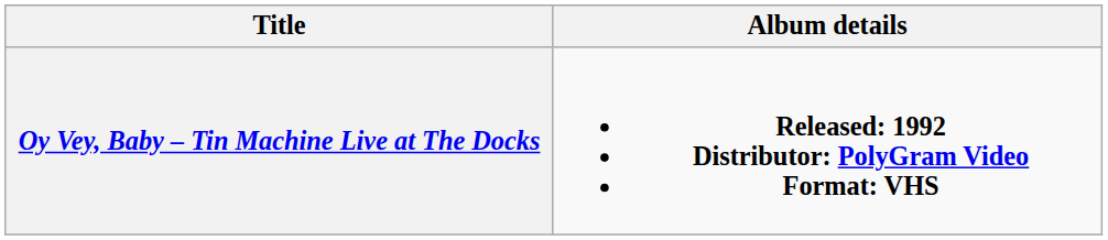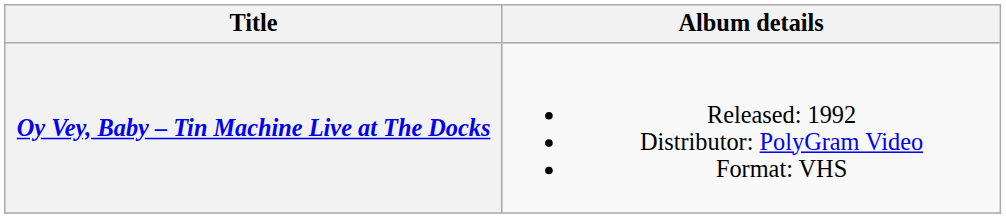 <table class="wikitable plainrowheaders" style="text-align:center;">
 <tr>
 <th scope="col" style="width:20em;">Title</th>
 <th scope="col" style="width:20em;">Album details</th>
 </tr>
 <tr>
 <th scope="row"><em><a href='#'>Oy Vey, Baby – Tin Machine Live at The Docks</a></em></th>
-<td><strong><br><ul><li>Released: 1992</li><li>Distributor: <a href='#'>PolyGram Video</a></li><li>Format: VHS</li></ul></strong></td>
+<td><br><ul><li>Released: 1992</li><li>Distributor: <a href='#'>PolyGram Video</a></li><li>Format: VHS</li></ul></td>
 </tr>
 </table>
